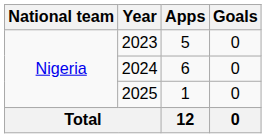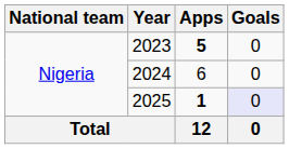 <table class="wikitable" style="text-align:center">
 <tr>
 <th>National team</th>
 <th>Year</th>
 <th>Apps</th>
 <th>Goals</th>
 </tr>
 <tr>
 <td rowspan="3"><a href='#'>Nigeria</a></td>
 <td>2023</td>
-<td>5</td>
+<td><strong>5</strong></td>
 <td>0</td>
 </tr>
 <tr>
 <td>2024</td>
 <td>6</td>
 <td>0</td>
 </tr>
 <tr>
 <td>2025</td>
-<td>1</td>
-<td>0</td>
+<td><strong>1</strong></td>
+<td style="background: lavender;">0</td>
 </tr>
 <tr>
 <th colspan="2">Total</th>
 <th>12</th>
 <th>0</th>
 </tr>
 </table>
